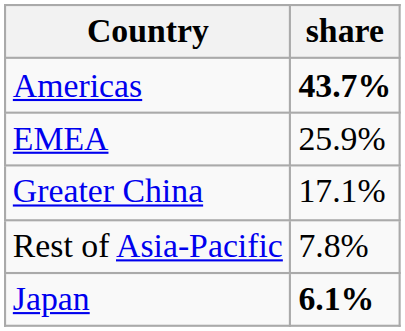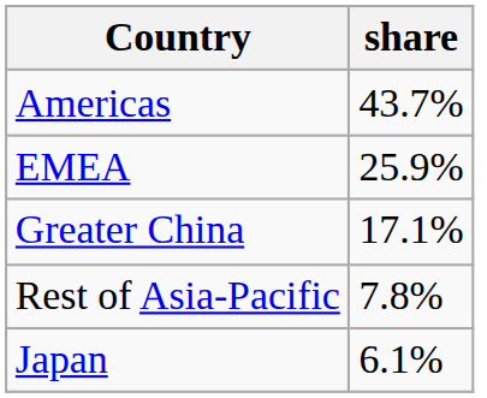 <table class="wikitable floatright">
 <tr>
 <th>Country</th>
 <th>share</th>
 </tr>
 <tr>
 <td><a href='#'>Americas</a></td>
-<td><strong>43.7%</strong></td>
+<td>43.7%</td>
 </tr>
 <tr>
 <td><a href='#'>EMEA</a></td>
 <td>25.9%</td>
 </tr>
 <tr>
 <td><a href='#'>Greater China</a></td>
 <td>17.1%</td>
 </tr>
 <tr>
 <td>Rest of <a href='#'>Asia-Pacific</a></td>
 <td>7.8%</td>
 </tr>
 <tr>
 <td><a href='#'>Japan</a></td>
-<td><strong>6.1%</strong></td>
+<td>6.1%</td>
 </tr>
 </table>
